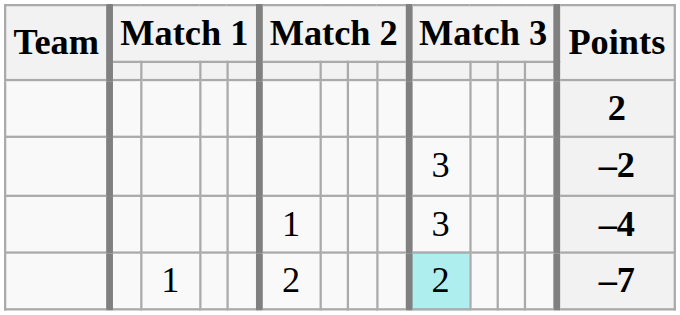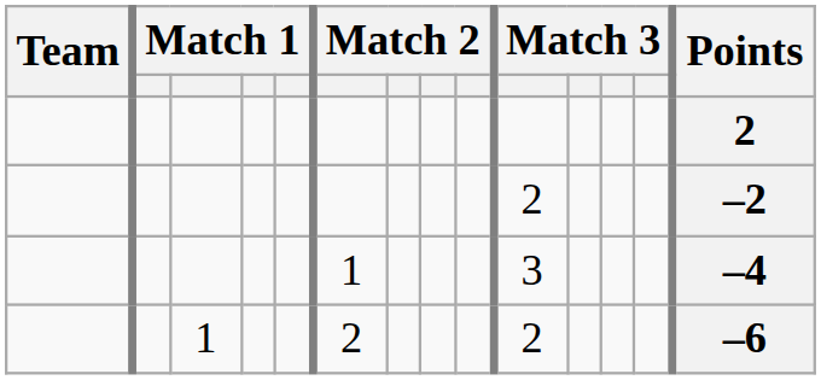 <table class="wikitable sortable" style="text-align:center;">
 <tr>
 <th rowspan=2>Team</th>
 <th colspan=4 style="border-left:3px solid gray">Match 1</th>
 <th colspan=4 style="border-left:3px solid gray">Match 2</th>
 <th colspan=4 style="border-left:3px solid gray">Match 3</th>
 <th rowspan=2 style="border-left:3px solid gray">Points</th>
 </tr>
 <tr>
 <th style="border-left:3px solid gray"></th>
 <th></th>
 <th></th>
 <th></th>
 <th style="border-left:3px solid gray"></th>
 <th></th>
 <th></th>
 <th></th>
 <th style="border-left:3px solid gray"></th>
 <th></th>
 <th></th>
 <th></th>
 </tr>
 <tr>
 <td align=left></td>
 <td style="border-left:3px solid gray"></td>
 <td></td>
 <td></td>
 <td></td>
 <td style="border-left:3px solid gray"></td>
 <td></td>
 <td></td>
 <td></td>
 <td style="border-left:3px solid gray"></td>
 <td></td>
 <td></td>
 <td></td>
 <th style="border-left:3px solid gray">2</th>
 </tr>
 <tr>
 <td align=left></td>
 <td style="border-left:3px solid gray"></td>
 <td></td>
 <td></td>
 <td></td>
 <td style="border-left:3px solid gray"></td>
 <td></td>
 <td></td>
 <td></td>
-<td style="border-left:3px solid gray">3</td>
+<td style="border-left:3px solid gray">2</td>
 <td></td>
 <td></td>
 <td></td>
 <th style="border-left:3px solid gray">–2</th>
 </tr>
 <tr>
 <td align=left></td>
 <td style="border-left:3px solid gray"></td>
 <td></td>
 <td></td>
 <td></td>
 <td style="border-left:3px solid gray">1</td>
 <td></td>
 <td></td>
 <td></td>
 <td style="border-left:3px solid gray">3</td>
 <td></td>
 <td></td>
 <td></td>
 <th style="border-left:3px solid gray">–4</th>
 </tr>
 <tr>
 <td align=left></td>
 <td style="border-left:3px solid gray"></td>
 <td>1</td>
 <td></td>
 <td></td>
 <td style="border-left:3px solid gray">2</td>
 <td></td>
 <td></td>
 <td></td>
-<td style="background: paleturquoise; border-left:3px solid gray">2</td>
+<td style="border-left:3px solid gray">2</td>
 <td></td>
 <td></td>
 <td></td>
-<th style="border-left:3px solid gray">–7</th>
+<th style="border-left:3px solid gray">–6</th>
 </tr>
 </table>
